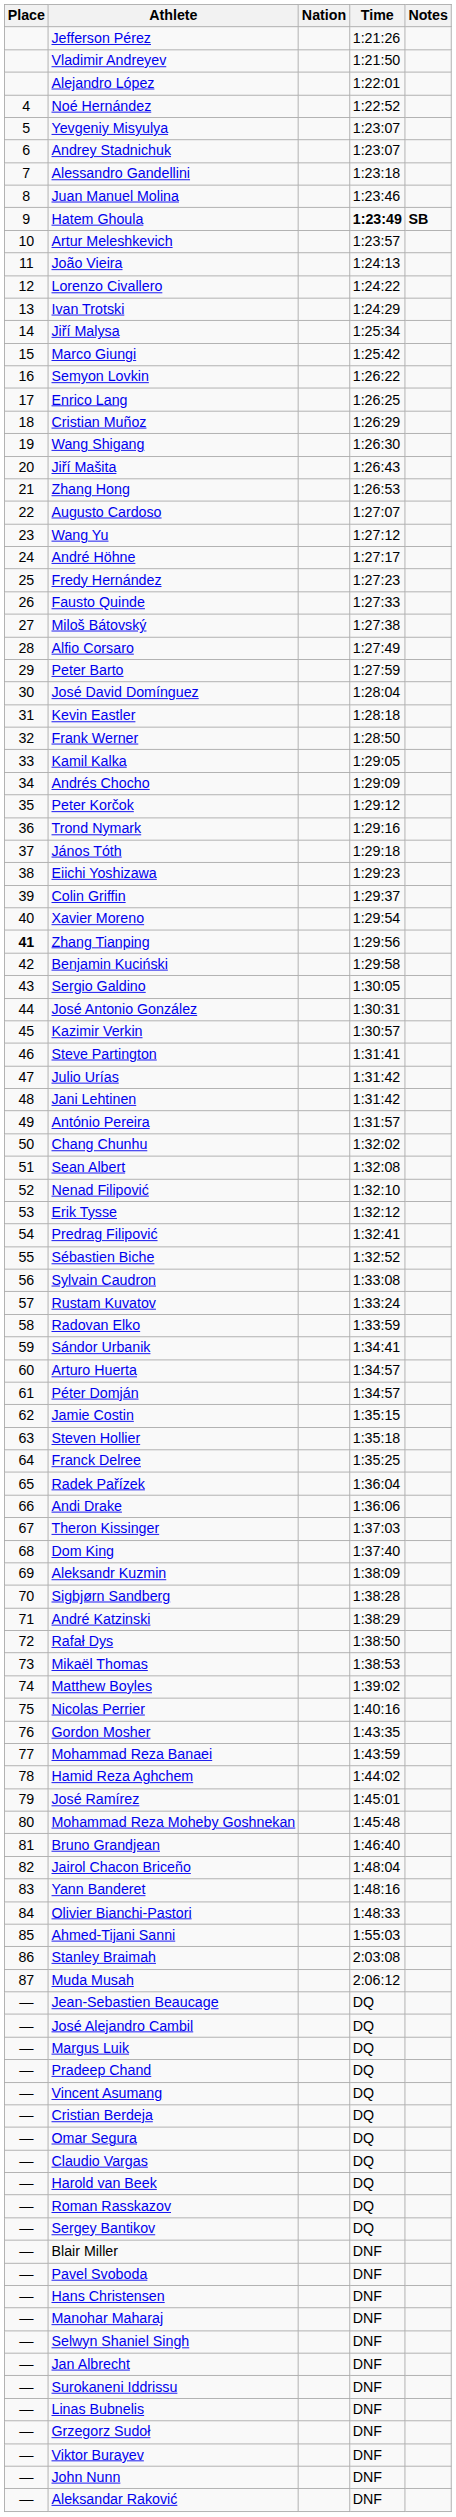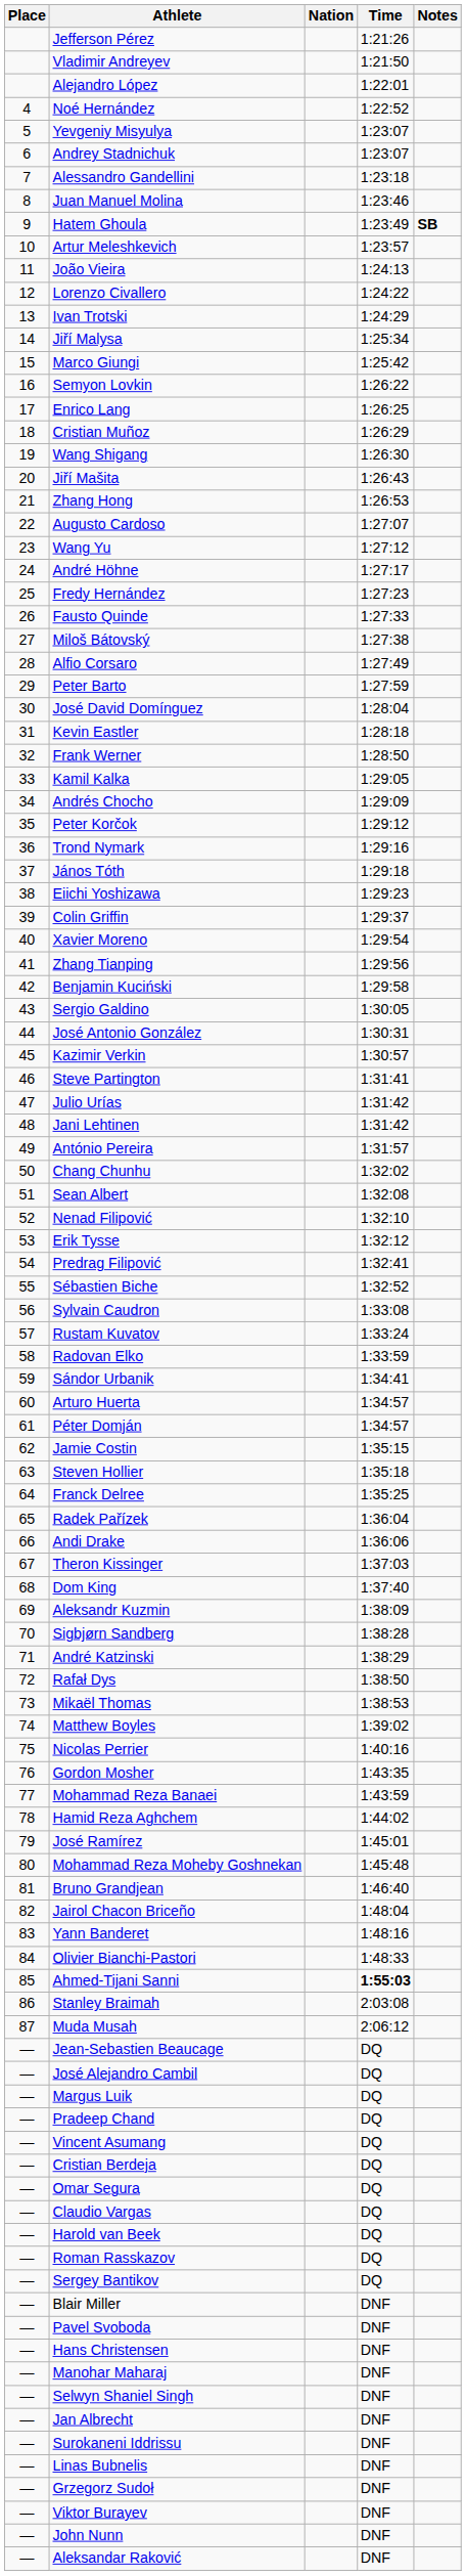 <table class=wikitable>
 <tr>
 <th>Place</th>
 <th>Athlete</th>
 <th>Nation</th>
 <th>Time</th>
 <th>Notes</th>
 </tr>
 <tr>
 <td align=center></td>
 <td><a href='#'>Jefferson Pérez</a></td>
 <td></td>
 <td>1:21:26</td>
 <td> </td>
 </tr>
 <tr>
 <td align=center></td>
 <td><a href='#'>Vladimir Andreyev</a></td>
 <td></td>
 <td>1:21:50</td>
 <td> </td>
 </tr>
 <tr>
 <td align=center></td>
 <td><a href='#'>Alejandro López</a></td>
 <td></td>
 <td>1:22:01</td>
 <td> </td>
 </tr>
 <tr>
 <td align=center>4</td>
 <td><a href='#'>Noé Hernández</a></td>
 <td></td>
 <td>1:22:52</td>
 <td> </td>
 </tr>
 <tr>
 <td align=center>5</td>
 <td><a href='#'>Yevgeniy Misyulya</a></td>
 <td></td>
 <td>1:23:07</td>
 <td> </td>
 </tr>
 <tr>
 <td align=center>6</td>
 <td><a href='#'>Andrey Stadnichuk</a></td>
 <td></td>
 <td>1:23:07</td>
 <td> </td>
 </tr>
 <tr>
 <td align=center>7</td>
 <td><a href='#'>Alessandro Gandellini</a></td>
 <td></td>
 <td>1:23:18</td>
 <td> </td>
 </tr>
 <tr>
 <td align=center>8</td>
 <td><a href='#'>Juan Manuel Molina</a></td>
 <td></td>
 <td>1:23:46</td>
 <td> </td>
 </tr>
 <tr>
 <td align=center>9</td>
 <td><a href='#'>Hatem Ghoula</a></td>
 <td></td>
-<td><strong>1:23:49</strong></td>
+<td>1:23:49</td>
 <td><strong>SB</strong></td>
 </tr>
 <tr>
 <td align=center>10</td>
 <td><a href='#'>Artur Meleshkevich</a></td>
 <td></td>
 <td>1:23:57</td>
 <td> </td>
 </tr>
 <tr>
 <td align=center>11</td>
 <td><a href='#'>João Vieira</a></td>
 <td></td>
 <td>1:24:13</td>
 <td> </td>
 </tr>
 <tr>
 <td align=center>12</td>
 <td><a href='#'>Lorenzo Civallero</a></td>
 <td></td>
 <td>1:24:22</td>
 <td> </td>
 </tr>
 <tr>
 <td align=center>13</td>
 <td><a href='#'>Ivan Trotski</a></td>
 <td></td>
 <td>1:24:29</td>
 <td> </td>
 </tr>
 <tr>
 <td align=center>14</td>
 <td><a href='#'>Jiří Malysa</a></td>
 <td></td>
 <td>1:25:34</td>
 <td> </td>
 </tr>
 <tr>
 <td align=center>15</td>
 <td><a href='#'>Marco Giungi</a></td>
 <td></td>
 <td>1:25:42</td>
 <td> </td>
 </tr>
 <tr>
 <td align=center>16</td>
 <td><a href='#'>Semyon Lovkin</a></td>
 <td></td>
 <td>1:26:22</td>
 <td> </td>
 </tr>
 <tr>
 <td align=center>17</td>
 <td><a href='#'>Enrico Lang</a></td>
 <td></td>
 <td>1:26:25</td>
 <td> </td>
 </tr>
 <tr>
 <td align=center>18</td>
 <td><a href='#'>Cristian Muñoz</a></td>
 <td></td>
 <td>1:26:29</td>
 <td> </td>
 </tr>
 <tr>
 <td align=center>19</td>
 <td><a href='#'>Wang Shigang</a></td>
 <td></td>
 <td>1:26:30</td>
 <td> </td>
 </tr>
 <tr>
 <td align=center>20</td>
 <td><a href='#'>Jiří Mašita</a></td>
 <td></td>
 <td>1:26:43</td>
 <td></td>
 </tr>
 <tr>
 <td align=center>21</td>
 <td><a href='#'>Zhang Hong</a></td>
 <td></td>
 <td>1:26:53</td>
 <td></td>
 </tr>
 <tr>
 <td align=center>22</td>
 <td><a href='#'>Augusto Cardoso</a></td>
 <td></td>
 <td>1:27:07</td>
 <td></td>
 </tr>
 <tr>
 <td align=center>23</td>
 <td><a href='#'>Wang Yu</a></td>
 <td></td>
 <td>1:27:12</td>
 <td></td>
 </tr>
 <tr>
 <td align=center>24</td>
 <td><a href='#'>André Höhne</a></td>
 <td></td>
 <td>1:27:17</td>
 <td></td>
 </tr>
 <tr>
 <td align=center>25</td>
 <td><a href='#'>Fredy Hernández</a></td>
 <td></td>
 <td>1:27:23</td>
 <td></td>
 </tr>
 <tr>
 <td align=center>26</td>
 <td><a href='#'>Fausto Quinde</a></td>
 <td></td>
 <td>1:27:33</td>
 <td></td>
 </tr>
 <tr>
 <td align=center>27</td>
 <td><a href='#'>Miloš Bátovský</a></td>
 <td></td>
 <td>1:27:38</td>
 <td></td>
 </tr>
 <tr>
 <td align=center>28</td>
 <td><a href='#'>Alfio Corsaro</a></td>
 <td></td>
 <td>1:27:49</td>
 <td></td>
 </tr>
 <tr>
 <td align=center>29</td>
 <td><a href='#'>Peter Barto</a></td>
 <td></td>
 <td>1:27:59</td>
 <td></td>
 </tr>
 <tr>
 <td align=center>30</td>
 <td><a href='#'>José David Domínguez</a></td>
 <td></td>
 <td>1:28:04</td>
 <td></td>
 </tr>
 <tr>
 <td align=center>31</td>
 <td><a href='#'>Kevin Eastler</a></td>
 <td></td>
 <td>1:28:18</td>
 <td></td>
 </tr>
 <tr>
 <td align=center>32</td>
 <td><a href='#'>Frank Werner</a></td>
 <td></td>
 <td>1:28:50</td>
 <td></td>
 </tr>
 <tr>
 <td align=center>33</td>
 <td><a href='#'>Kamil Kalka</a></td>
 <td></td>
 <td>1:29:05</td>
 <td></td>
 </tr>
 <tr>
 <td align=center>34</td>
 <td><a href='#'>Andrés Chocho</a></td>
 <td></td>
 <td>1:29:09</td>
 <td></td>
 </tr>
 <tr>
 <td align=center>35</td>
 <td><a href='#'>Peter Korčok</a></td>
 <td></td>
 <td>1:29:12</td>
 <td></td>
 </tr>
 <tr>
 <td align=center>36</td>
 <td><a href='#'>Trond Nymark</a></td>
 <td></td>
 <td>1:29:16</td>
 <td></td>
 </tr>
 <tr>
 <td align=center>37</td>
 <td><a href='#'>János Tóth</a></td>
 <td></td>
 <td>1:29:18</td>
 <td></td>
 </tr>
 <tr>
 <td align=center>38</td>
 <td><a href='#'>Eiichi Yoshizawa</a></td>
 <td></td>
 <td>1:29:23</td>
 <td></td>
 </tr>
 <tr>
 <td align=center>39</td>
 <td><a href='#'>Colin Griffin</a></td>
 <td></td>
 <td>1:29:37</td>
 <td></td>
 </tr>
 <tr>
 <td align=center>40</td>
 <td><a href='#'>Xavier Moreno</a></td>
 <td></td>
 <td>1:29:54</td>
 <td></td>
 </tr>
 <tr>
-<td align=center><strong>41</strong></td>
+<td align=center>41</td>
 <td><a href='#'>Zhang Tianping</a></td>
 <td></td>
 <td>1:29:56</td>
 <td></td>
 </tr>
 <tr>
 <td align=center>42</td>
 <td><a href='#'>Benjamin Kuciński</a></td>
 <td></td>
 <td>1:29:58</td>
 <td></td>
 </tr>
 <tr>
 <td align=center>43</td>
 <td><a href='#'>Sergio Galdino</a></td>
 <td></td>
 <td>1:30:05</td>
 <td></td>
 </tr>
 <tr>
 <td align=center>44</td>
 <td><a href='#'>José Antonio González</a></td>
 <td></td>
 <td>1:30:31</td>
 <td></td>
 </tr>
 <tr>
 <td align=center>45</td>
 <td><a href='#'>Kazimir Verkin</a></td>
 <td></td>
 <td>1:30:57</td>
 <td></td>
 </tr>
 <tr>
 <td align=center>46</td>
 <td><a href='#'>Steve Partington</a></td>
 <td></td>
 <td>1:31:41</td>
 <td></td>
 </tr>
 <tr>
 <td align=center>47</td>
 <td><a href='#'>Julio Urías</a></td>
 <td></td>
 <td>1:31:42</td>
 <td></td>
 </tr>
 <tr>
 <td align=center>48</td>
 <td><a href='#'>Jani Lehtinen</a></td>
 <td></td>
 <td>1:31:42</td>
 <td></td>
 </tr>
 <tr>
 <td align=center>49</td>
 <td><a href='#'>António Pereira</a></td>
 <td></td>
 <td>1:31:57</td>
 <td></td>
 </tr>
 <tr>
 <td align=center>50</td>
 <td><a href='#'>Chang Chunhu</a></td>
 <td></td>
 <td>1:32:02</td>
 <td></td>
 </tr>
 <tr>
 <td align=center>51</td>
 <td><a href='#'>Sean Albert</a></td>
 <td></td>
 <td>1:32:08</td>
 <td></td>
 </tr>
 <tr>
 <td align=center>52</td>
 <td><a href='#'>Nenad Filipović</a></td>
 <td></td>
 <td>1:32:10</td>
 <td></td>
 </tr>
 <tr>
 <td align=center>53</td>
 <td><a href='#'>Erik Tysse</a></td>
 <td></td>
 <td>1:32:12</td>
 <td></td>
 </tr>
 <tr>
 <td align=center>54</td>
 <td><a href='#'>Predrag Filipović</a></td>
 <td></td>
 <td>1:32:41</td>
 <td></td>
 </tr>
 <tr>
 <td align=center>55</td>
 <td><a href='#'>Sébastien Biche</a></td>
 <td></td>
 <td>1:32:52</td>
 <td></td>
 </tr>
 <tr>
 <td align=center>56</td>
 <td><a href='#'>Sylvain Caudron</a></td>
 <td></td>
 <td>1:33:08</td>
 <td></td>
 </tr>
 <tr>
 <td align=center>57</td>
 <td><a href='#'>Rustam Kuvatov</a></td>
 <td></td>
 <td>1:33:24</td>
 <td></td>
 </tr>
 <tr>
 <td align=center>58</td>
 <td><a href='#'>Radovan Elko</a></td>
 <td></td>
 <td>1:33:59</td>
 <td></td>
 </tr>
 <tr>
 <td align=center>59</td>
 <td><a href='#'>Sándor Urbanik</a></td>
 <td></td>
 <td>1:34:41</td>
 <td></td>
 </tr>
 <tr>
 <td align=center>60</td>
 <td><a href='#'>Arturo Huerta</a></td>
 <td></td>
 <td>1:34:57</td>
 <td></td>
 </tr>
 <tr>
 <td align=center>61</td>
 <td><a href='#'>Péter Domján</a></td>
 <td></td>
 <td>1:34:57</td>
 <td></td>
 </tr>
 <tr>
 <td align=center>62</td>
 <td><a href='#'>Jamie Costin</a></td>
 <td></td>
 <td>1:35:15</td>
 <td></td>
 </tr>
 <tr>
 <td align=center>63</td>
 <td><a href='#'>Steven Hollier</a></td>
 <td></td>
 <td>1:35:18</td>
 <td></td>
 </tr>
 <tr>
 <td align=center>64</td>
 <td><a href='#'>Franck Delree</a></td>
 <td></td>
 <td>1:35:25</td>
 <td></td>
 </tr>
 <tr>
 <td align=center>65</td>
 <td><a href='#'>Radek Pařízek</a></td>
 <td></td>
 <td>1:36:04</td>
 <td></td>
 </tr>
 <tr>
 <td align=center>66</td>
 <td><a href='#'>Andi Drake</a></td>
 <td></td>
 <td>1:36:06</td>
 <td></td>
 </tr>
 <tr>
 <td align=center>67</td>
 <td><a href='#'>Theron Kissinger</a></td>
 <td></td>
 <td>1:37:03</td>
 <td></td>
 </tr>
 <tr>
 <td align=center>68</td>
 <td><a href='#'>Dom King</a></td>
 <td></td>
 <td>1:37:40</td>
 <td></td>
 </tr>
 <tr>
 <td align=center>69</td>
 <td><a href='#'>Aleksandr Kuzmin</a></td>
 <td></td>
 <td>1:38:09</td>
 <td></td>
 </tr>
 <tr>
 <td align=center>70</td>
 <td><a href='#'>Sigbjørn Sandberg</a></td>
 <td></td>
 <td>1:38:28</td>
 <td></td>
 </tr>
 <tr>
 <td align=center>71</td>
 <td><a href='#'>André Katzinski</a></td>
 <td></td>
 <td>1:38:29</td>
 <td></td>
 </tr>
 <tr>
 <td align=center>72</td>
 <td><a href='#'>Rafał Dys</a></td>
 <td></td>
 <td>1:38:50</td>
 <td></td>
 </tr>
 <tr>
 <td align=center>73</td>
 <td><a href='#'>Mikaël Thomas</a></td>
 <td></td>
 <td>1:38:53</td>
 <td></td>
 </tr>
 <tr>
 <td align=center>74</td>
 <td><a href='#'>Matthew Boyles</a></td>
 <td></td>
 <td>1:39:02</td>
 <td></td>
 </tr>
 <tr>
 <td align=center>75</td>
 <td><a href='#'>Nicolas Perrier</a></td>
 <td></td>
 <td>1:40:16</td>
 <td></td>
 </tr>
 <tr>
 <td align=center>76</td>
 <td><a href='#'>Gordon Mosher</a></td>
 <td></td>
 <td>1:43:35</td>
 <td></td>
 </tr>
 <tr>
 <td align=center>77</td>
 <td><a href='#'>Mohammad Reza Banaei</a></td>
 <td></td>
 <td>1:43:59</td>
 <td></td>
 </tr>
 <tr>
 <td align=center>78</td>
 <td><a href='#'>Hamid Reza Aghchem</a></td>
 <td></td>
 <td>1:44:02</td>
 <td></td>
 </tr>
 <tr>
 <td align=center>79</td>
 <td><a href='#'>José Ramírez</a></td>
 <td></td>
 <td>1:45:01</td>
 <td></td>
 </tr>
 <tr>
 <td align=center>80</td>
 <td><a href='#'>Mohammad Reza Moheby Goshnekan</a></td>
 <td></td>
 <td>1:45:48</td>
 <td></td>
 </tr>
 <tr>
 <td align=center>81</td>
 <td><a href='#'>Bruno Grandjean</a></td>
 <td></td>
 <td>1:46:40</td>
 <td></td>
 </tr>
 <tr>
 <td align=center>82</td>
 <td><a href='#'>Jairol Chacon Briceño</a></td>
 <td></td>
 <td>1:48:04</td>
 <td></td>
 </tr>
 <tr>
 <td align=center>83</td>
 <td><a href='#'>Yann Banderet</a></td>
 <td></td>
 <td>1:48:16</td>
 <td></td>
 </tr>
 <tr>
 <td align=center>84</td>
 <td><a href='#'>Olivier Bianchi-Pastori</a></td>
 <td></td>
 <td>1:48:33</td>
 <td></td>
 </tr>
 <tr>
 <td align=center>85</td>
 <td><a href='#'>Ahmed-Tijani Sanni</a></td>
 <td></td>
-<td>1:55:03</td>
+<td><strong>1:55:03</strong></td>
 <td></td>
 </tr>
 <tr>
 <td align=center>86</td>
 <td><a href='#'>Stanley Braimah</a></td>
 <td></td>
 <td>2:03:08</td>
 <td></td>
 </tr>
 <tr>
 <td align=center>87</td>
 <td><a href='#'>Muda Musah</a></td>
 <td></td>
 <td>2:06:12</td>
 <td></td>
 </tr>
 <tr>
 <td align=center>—</td>
 <td><a href='#'>Jean-Sebastien Beaucage</a></td>
 <td></td>
 <td>DQ</td>
 <td></td>
 </tr>
 <tr>
 <td align=center>—</td>
 <td><a href='#'>José Alejandro Cambil</a></td>
 <td></td>
 <td>DQ</td>
 <td></td>
 </tr>
 <tr>
 <td align=center>—</td>
 <td><a href='#'>Margus Luik</a></td>
 <td></td>
 <td>DQ</td>
 <td></td>
 </tr>
 <tr>
 <td align=center>—</td>
 <td><a href='#'>Pradeep Chand</a></td>
 <td></td>
 <td>DQ</td>
 <td></td>
 </tr>
 <tr>
 <td align=center>—</td>
 <td><a href='#'>Vincent Asumang</a></td>
 <td></td>
 <td>DQ</td>
 <td></td>
 </tr>
 <tr>
 <td align=center>—</td>
 <td><a href='#'>Cristian Berdeja</a></td>
 <td></td>
 <td>DQ</td>
 <td></td>
 </tr>
 <tr>
 <td align=center>—</td>
 <td><a href='#'>Omar Segura</a></td>
 <td></td>
 <td>DQ</td>
 <td></td>
 </tr>
 <tr>
 <td align=center>—</td>
 <td><a href='#'>Claudio Vargas</a></td>
 <td></td>
 <td>DQ</td>
 <td></td>
 </tr>
 <tr>
 <td align=center>—</td>
 <td><a href='#'>Harold van Beek</a></td>
 <td></td>
 <td>DQ</td>
 <td></td>
 </tr>
 <tr>
 <td align=center>—</td>
 <td><a href='#'>Roman Rasskazov</a></td>
 <td></td>
 <td>DQ</td>
 <td></td>
 </tr>
 <tr>
 <td align=center>—</td>
 <td><a href='#'>Sergey Bantikov</a></td>
 <td></td>
 <td>DQ</td>
 <td></td>
 </tr>
 <tr>
 <td align=center>—</td>
 <td>Blair Miller</td>
 <td></td>
 <td>DNF</td>
 <td></td>
 </tr>
 <tr>
 <td align=center>—</td>
 <td><a href='#'>Pavel Svoboda</a></td>
 <td></td>
 <td>DNF</td>
 <td></td>
 </tr>
 <tr>
 <td align=center>—</td>
 <td><a href='#'>Hans Christensen</a></td>
 <td></td>
 <td>DNF</td>
 <td></td>
 </tr>
 <tr>
 <td align=center>—</td>
 <td><a href='#'>Manohar Maharaj</a></td>
 <td></td>
 <td>DNF</td>
 <td></td>
 </tr>
 <tr>
 <td align=center>—</td>
 <td><a href='#'>Selwyn Shaniel Singh</a></td>
 <td></td>
 <td>DNF</td>
 <td></td>
 </tr>
 <tr>
 <td align=center>—</td>
 <td><a href='#'>Jan Albrecht</a></td>
 <td></td>
 <td>DNF</td>
 <td></td>
 </tr>
 <tr>
 <td align=center>—</td>
 <td><a href='#'>Surokaneni Iddrissu</a></td>
 <td></td>
 <td>DNF</td>
 <td></td>
 </tr>
 <tr>
 <td align=center>—</td>
 <td><a href='#'>Linas Bubnelis</a></td>
 <td></td>
 <td>DNF</td>
 <td></td>
 </tr>
 <tr>
 <td align=center>—</td>
 <td><a href='#'>Grzegorz Sudoł</a></td>
 <td></td>
 <td>DNF</td>
 <td></td>
 </tr>
 <tr>
 <td align=center>—</td>
 <td><a href='#'>Viktor Burayev</a></td>
 <td></td>
 <td>DNF</td>
 <td></td>
 </tr>
 <tr>
 <td align=center>—</td>
 <td><a href='#'>John Nunn</a></td>
 <td></td>
 <td>DNF</td>
 <td></td>
 </tr>
 <tr>
 <td align=center>—</td>
 <td><a href='#'>Aleksandar Raković</a></td>
 <td></td>
 <td>DNF</td>
 <td></td>
 </tr>
 </table>
